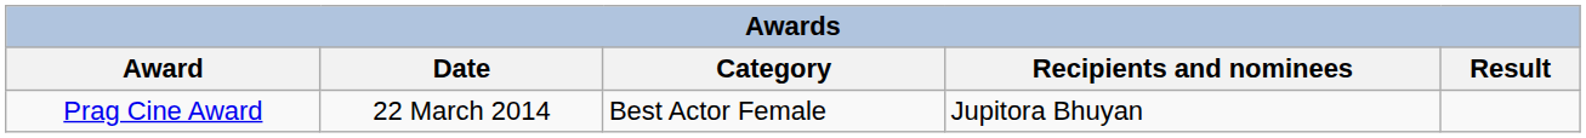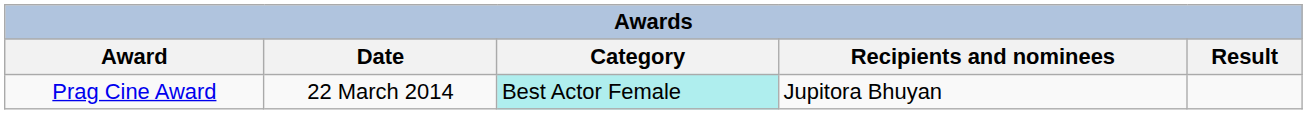 <table class="wikitable sortable" width="75%">
 <tr>
 <th colspan="5" style="background: LightSteelBlue;">Awards</th>
 </tr>
 <tr style="background:#ccc; text-align:center;">
 <th>Award</th>
 <th>Date</th>
 <th>Category</th>
 <th>Recipients and nominees</th>
 <th>Result</th>
 </tr>
 <tr>
 <td rowspan="11" align="center"><a href='#'>Prag Cine Award</a></td>
 <td rowspan="11" align="center">22 March 2014</td>
-<td>Best Actor Female</td>
+<td style="background: paleturquoise;">Best Actor Female</td>
 <td>Jupitora Bhuyan</td>
 <td></td>
 </tr>
 </table>
